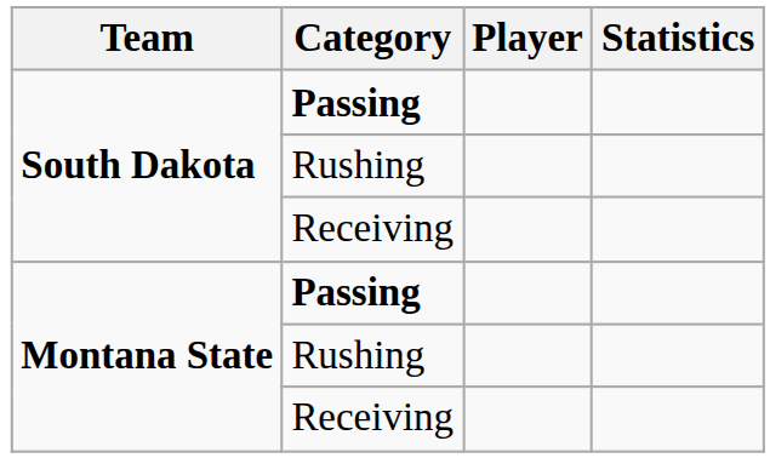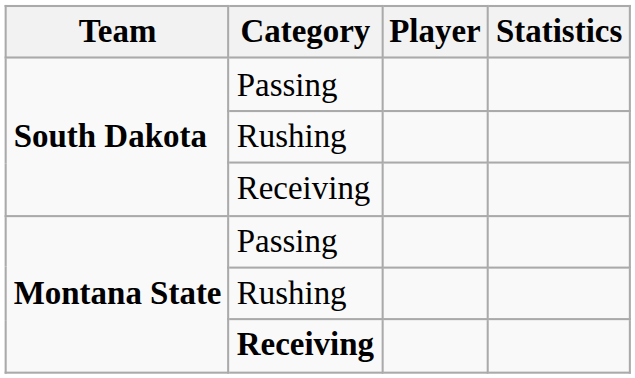 <table class="wikitable" style="float: right;">
 <tr>
 <th>Team</th>
 <th>Category</th>
 <th>Player</th>
 <th>Statistics</th>
 </tr>
 <tr>
 <td rowspan=3><strong>South Dakota</strong></td>
-<td><strong>Passing</strong></td>
+<td>Passing</td>
 <td></td>
 <td></td>
 </tr>
 <tr>
 <td>Rushing</td>
 <td></td>
 <td></td>
 </tr>
 <tr>
 <td>Receiving</td>
 <td></td>
 <td></td>
 </tr>
 <tr>
 <td rowspan=3><strong>Montana State</strong></td>
-<td><strong>Passing</strong></td>
+<td>Passing</td>
 <td></td>
 <td></td>
 </tr>
 <tr>
 <td>Rushing</td>
 <td></td>
 <td></td>
 </tr>
 <tr>
-<td>Receiving</td>
+<td><strong>Receiving</strong></td>
 <td></td>
 <td></td>
 </tr>
 </table>
